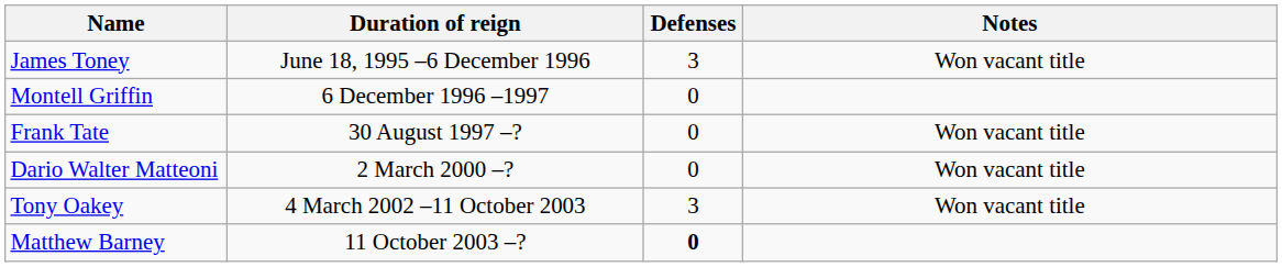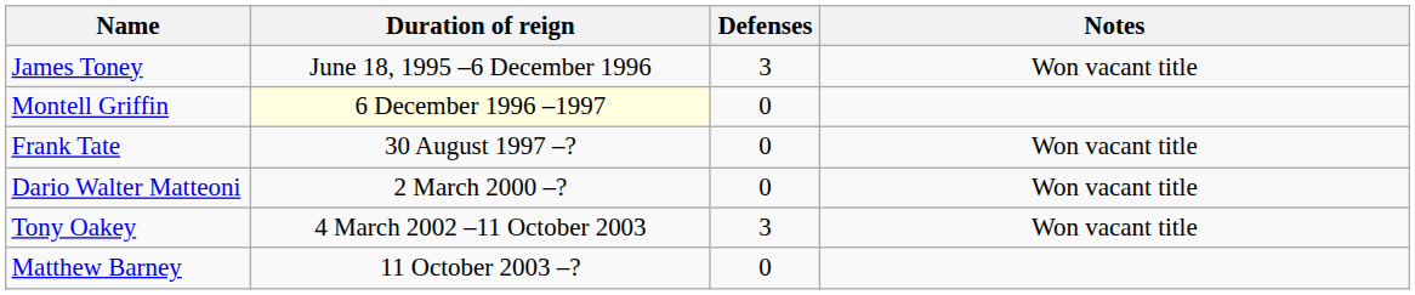 <table class="wikitable" width=100%>
 <tr>
 <th width=17%>Name</th>
 <th width=32%>Duration of reign</th>
 <th width=7%>Defenses</th>
 <th width=41%>Notes</th>
 </tr>
 <tr align=center>
 <td align=left> <a href='#'>James Toney</a></td>
 <td>June 18, 1995 –6 December 1996</td>
 <td>3</td>
 <td>Won vacant title</td>
 </tr>
 <tr align=center>
 <td align=left> <a href='#'>Montell Griffin</a></td>
-<td>6 December 1996 –1997</td>
+<td style="background: lightyellow;">6 December 1996 –1997</td>
 <td>0</td>
 </tr>
 <tr align=center>
 <td align=left> <a href='#'>Frank Tate</a></td>
 <td>30 August 1997 –?</td>
 <td>0</td>
 <td>Won vacant title</td>
 </tr>
 <tr align=center>
 <td align=left> <a href='#'>Dario Walter Matteoni</a></td>
 <td>2 March 2000 –?</td>
 <td>0</td>
 <td>Won vacant title</td>
 </tr>
 <tr align=center>
 <td align=left> <a href='#'>Tony Oakey</a></td>
 <td>4 March 2002 –11 October 2003</td>
 <td>3</td>
 <td>Won vacant title</td>
 </tr>
 <tr align=center>
 <td align=left> <a href='#'>Matthew Barney</a></td>
 <td>11 October 2003 –?</td>
-<td><strong>0</strong></td>
+<td>0</td>
 </tr>
 </table>
